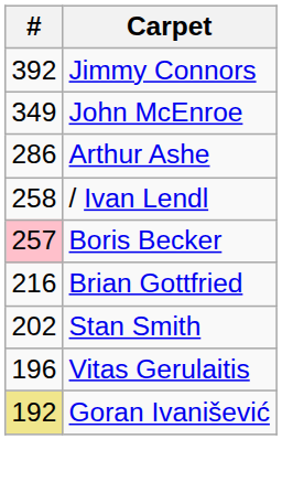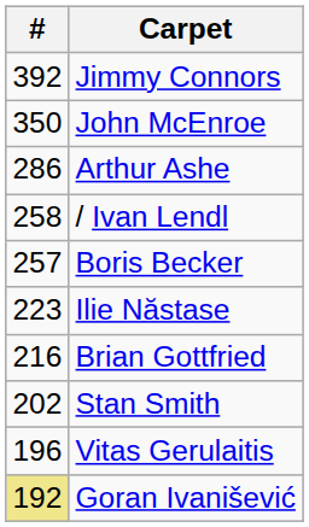 <table class=wikitable style="display:inline-table;">
 <tr>
 <th>#</th>
 <th>Carpet</th>
 </tr>
 <tr>
 <td>392</td>
 <td> <a href='#'>Jimmy Connors</a></td>
 </tr>
 <tr>
-<td>349</td>
+<td>350</td>
 <td> <a href='#'>John McEnroe</a></td>
 </tr>
 <tr>
 <td>286</td>
 <td> <a href='#'>Arthur Ashe</a></td>
 </tr>
 <tr>
 <td>258</td>
 <td>/ <a href='#'>Ivan Lendl</a></td>
 </tr>
 <tr>
-<td style="background: pink;">257</td>
+<td>257</td>
 <td> <a href='#'>Boris Becker</a></td>
+</tr>
+<tr>
+<td>223</td>
+<td> <a href='#'>Ilie Năstase</a></td>
 </tr>
 <tr>
 <td>216</td>
 <td> <a href='#'>Brian Gottfried</a></td>
 </tr>
 <tr>
 <td>202</td>
 <td> <a href='#'>Stan Smith</a></td>
 </tr>
 <tr>
 <td>196</td>
 <td> <a href='#'>Vitas Gerulaitis</a></td>
 </tr>
 <tr>
 <td style="background: khaki;">192</td>
 <td> <a href='#'>Goran Ivanišević</a></td>
 </tr>
 </table>
